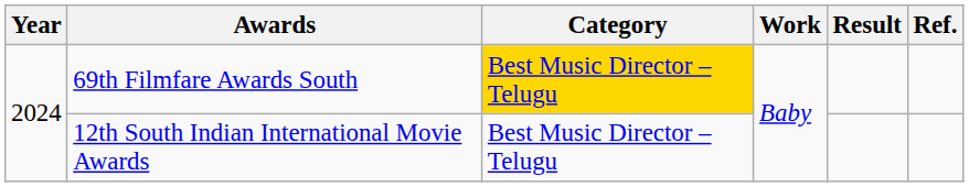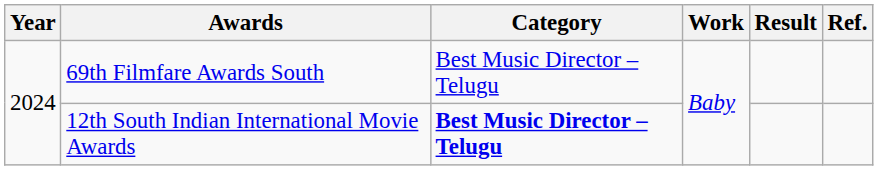 <table class="wikitable">
 <tr>
 <th>Year</th>
 <th>Awards</th>
 <th>Category</th>
 <th>Work</th>
 <th>Result</th>
 <th>Ref.</th>
 </tr>
 <tr>
 <td rowspan="2">2024</td>
 <td><a href='#'>69th Filmfare Awards South</a></td>
-<td style="background: gold;"><a href='#'>Best Music Director – Telugu</a></td>
+<td><a href='#'>Best Music Director – Telugu</a></td>
 <td rowspan="2"><a href='#'><em>Baby</em></a></td>
 <td></td>
 <td></td>
 </tr>
 <tr>
 <td><a href='#'>12th South Indian International Movie Awards</a></td>
-<td><a href='#'>Best Music Director – Telugu</a></td>
+<td><strong><a href='#'>Best Music Director – Telugu</a></strong></td>
 <td></td>
 <td></td>
 </tr>
 </table>
